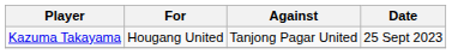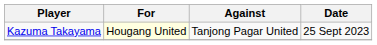 <table class="wikitable plainrowheaders sortable" style="font-size:90%">
 <tr>
 <th>Player</th>
 <th>For</th>
 <th>Against</th>
 <th>Date</th>
 </tr>
 <tr>
 <td> <a href='#'>Kazuma Takayama</a></td>
-<td>Hougang United</td>
+<td style="background: lightyellow;">Hougang United</td>
 <td>Tanjong Pagar United</td>
 <td>25 Sept 2023</td>
 </tr>
 <tr>
 </tr>
 </table>
